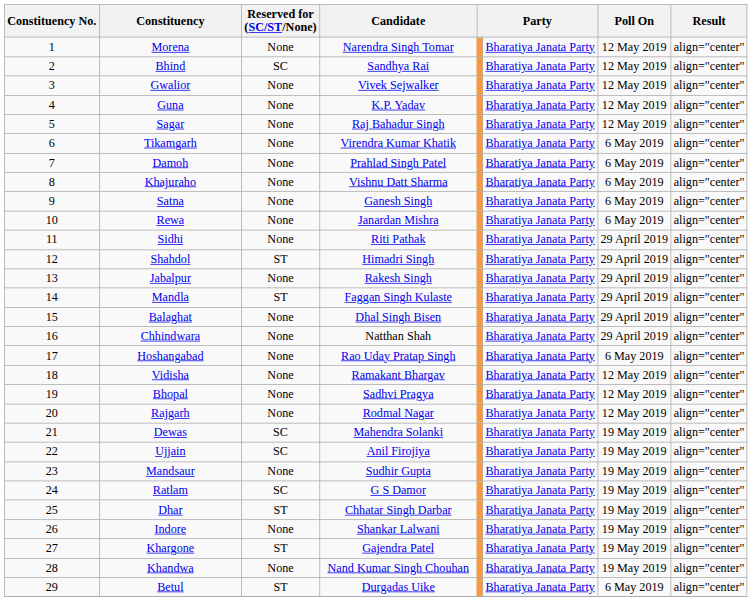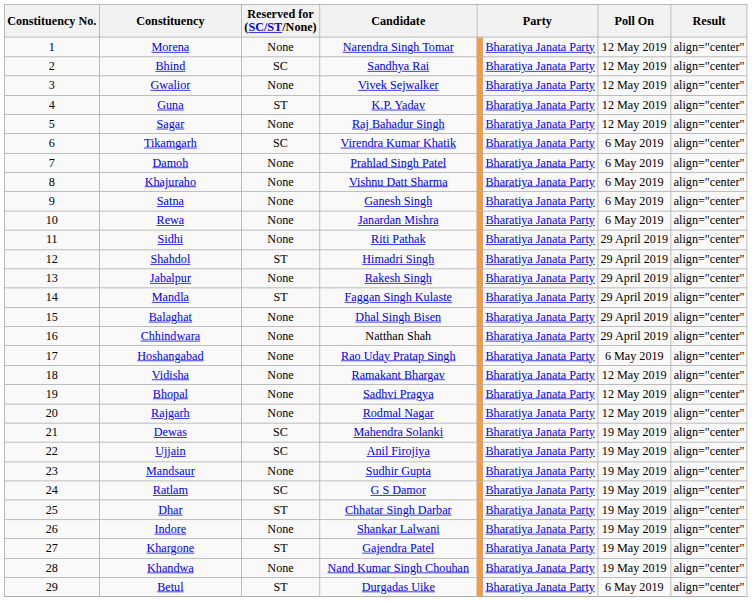 <table class="wikitable sortable" style="text-align:center;">
 <tr>
 <th>Constituency No.</th>
 <th style="width:180px;">Constituency</th>
 <th>Reserved for<br>(<a href='#'>SC/ST</a>/None)</th>
 <th style="width:200px;">Candidate</th>
 <th colspan="2">Party</th>
 <th>Poll On</th>
 <th>Result</th>
 </tr>
 <tr>
 <td align="center">1</td>
 <td><a href='#'>Morena</a></td>
 <td align="center">None</td>
 <td><a href='#'>Narendra Singh Tomar</a></td>
 <td bgcolor=#FF9933></td>
 <td><a href='#'>Bharatiya Janata Party</a></td>
 <td align="center">12 May 2019</td>
 <td>align="center" </td>
 </tr>
 <tr>
 <td align="center">2</td>
 <td><a href='#'>Bhind</a></td>
 <td align="center">SC</td>
 <td><a href='#'>Sandhya Rai</a></td>
 <td bgcolor=#FF9933></td>
 <td><a href='#'>Bharatiya Janata Party</a></td>
 <td align="center">12 May 2019</td>
 <td>align="center" </td>
 </tr>
 <tr>
 <td align="center">3</td>
 <td><a href='#'>Gwalior</a></td>
 <td align="center">None</td>
 <td><a href='#'>Vivek Sejwalker</a></td>
 <td bgcolor=#FF9933></td>
 <td><a href='#'>Bharatiya Janata Party</a></td>
 <td align="center">12 May 2019</td>
 <td>align="center" </td>
 </tr>
 <tr>
 <td align="center">4</td>
 <td><a href='#'>Guna</a></td>
-<td align="center">None</td>
+<td align="center">ST</td>
 <td><a href='#'>K.P. Yadav</a></td>
 <td bgcolor="#FF9933"></td>
 <td><a href='#'>Bharatiya Janata Party</a></td>
 <td align="center">12 May 2019</td>
 <td>align="center" </td>
 </tr>
 <tr>
 <td align="center">5</td>
 <td><a href='#'>Sagar</a></td>
 <td align="center">None</td>
 <td><a href='#'>Raj Bahadur Singh</a></td>
 <td bgcolor="#FF9933"></td>
 <td><a href='#'>Bharatiya Janata Party</a></td>
 <td align="center">12 May 2019</td>
 <td>align="center" </td>
 </tr>
 <tr>
 <td align="center">6</td>
 <td><a href='#'>Tikamgarh</a></td>
-<td align="center">None</td>
+<td align="center">SC</td>
 <td><a href='#'>Virendra Kumar Khatik</a></td>
 <td bgcolor=#FF9933></td>
 <td><a href='#'>Bharatiya Janata Party</a></td>
 <td align="center">6 May 2019</td>
 <td>align="center" </td>
 </tr>
 <tr>
 <td align="center">7</td>
 <td><a href='#'>Damoh</a></td>
 <td align="center">None</td>
 <td><a href='#'>Prahlad Singh Patel</a></td>
 <td bgcolor=#FF9933></td>
 <td><a href='#'>Bharatiya Janata Party</a></td>
 <td align="center">6 May 2019</td>
 <td>align="center" </td>
 </tr>
 <tr>
 <td align="center">8</td>
 <td><a href='#'>Khajuraho</a></td>
 <td align="center">None</td>
 <td><a href='#'>Vishnu Datt Sharma</a></td>
 <td bgcolor="#FF9933"></td>
 <td><a href='#'>Bharatiya Janata Party</a></td>
 <td align="center">6 May 2019</td>
 <td>align="center" </td>
 </tr>
 <tr>
 <td align="center">9</td>
 <td><a href='#'>Satna</a></td>
 <td align="center">None</td>
 <td><a href='#'>Ganesh Singh</a></td>
 <td bgcolor=#FF9933></td>
 <td><a href='#'>Bharatiya Janata Party</a></td>
 <td align="center">6 May 2019</td>
 <td>align="center" </td>
 </tr>
 <tr>
 <td align="center">10</td>
 <td><a href='#'>Rewa</a></td>
 <td align="center">None</td>
 <td><a href='#'>Janardan Mishra</a></td>
 <td bgcolor=#FF9933></td>
 <td><a href='#'>Bharatiya Janata Party</a></td>
 <td align="center">6 May 2019</td>
 <td>align="center" </td>
 </tr>
 <tr>
 <td align="center">11</td>
 <td><a href='#'>Sidhi</a></td>
 <td align="center">None</td>
 <td><a href='#'>Riti Pathak</a></td>
 <td bgcolor=#FF9933></td>
 <td><a href='#'>Bharatiya Janata Party</a></td>
 <td align="center">29 April 2019</td>
 <td>align="center" </td>
 </tr>
 <tr>
 <td align="center">12</td>
 <td><a href='#'>Shahdol</a></td>
 <td align="center">ST</td>
 <td><a href='#'>Himadri Singh</a></td>
 <td bgcolor=#FF9933></td>
 <td><a href='#'>Bharatiya Janata Party</a></td>
 <td align="center">29 April 2019</td>
 <td>align="center" </td>
 </tr>
 <tr>
 <td align="center">13</td>
 <td><a href='#'>Jabalpur</a></td>
 <td align="center">None</td>
 <td><a href='#'>Rakesh Singh</a></td>
 <td bgcolor=#FF9933></td>
 <td><a href='#'>Bharatiya Janata Party</a></td>
 <td align="center">29 April 2019</td>
 <td>align="center" </td>
 </tr>
 <tr>
 <td align="center">14</td>
 <td><a href='#'>Mandla</a></td>
 <td align="center">ST</td>
 <td><a href='#'>Faggan Singh Kulaste</a></td>
 <td bgcolor=#FF9933></td>
 <td><a href='#'>Bharatiya Janata Party</a></td>
 <td align="center">29 April 2019</td>
 <td>align="center" </td>
 </tr>
 <tr>
 <td align="center">15</td>
 <td><a href='#'>Balaghat</a></td>
 <td align="center">None</td>
 <td><a href='#'>Dhal Singh Bisen</a></td>
 <td bgcolor="#FF9933"></td>
 <td><a href='#'>Bharatiya Janata Party</a></td>
 <td align="center">29 April 2019</td>
 <td>align="center" </td>
 </tr>
 <tr>
 <td align="center">16</td>
 <td><a href='#'>Chhindwara</a></td>
 <td align="center">None</td>
 <td>Natthan Shah</td>
 <td bgcolor=#FF9933></td>
 <td><a href='#'>Bharatiya Janata Party</a></td>
 <td align="center">29 April 2019</td>
 <td>align="center" </td>
 </tr>
 <tr>
 <td align="center">17</td>
 <td><a href='#'>Hoshangabad</a></td>
 <td align="center">None</td>
 <td><a href='#'>Rao Uday Pratap Singh</a></td>
 <td bgcolor=#FF9933></td>
 <td><a href='#'>Bharatiya Janata Party</a></td>
 <td align="center">6 May 2019</td>
 <td>align="center" </td>
 </tr>
 <tr>
 <td align="center">18</td>
 <td><a href='#'>Vidisha</a></td>
 <td align="center">None</td>
 <td><a href='#'>Ramakant Bhargav</a></td>
 <td bgcolor="#FF9933"></td>
 <td><a href='#'>Bharatiya Janata Party</a></td>
 <td align="center">12 May 2019</td>
 <td>align="center" </td>
 </tr>
 <tr>
 <td align="center">19</td>
 <td><a href='#'>Bhopal</a></td>
 <td align="center">None</td>
 <td><a href='#'>Sadhvi Pragya</a></td>
 <td bgcolor="#FF9933"></td>
 <td><a href='#'>Bharatiya Janata Party</a></td>
 <td align="center">12 May 2019</td>
 <td>align="center" </td>
 </tr>
 <tr>
 <td align="center">20</td>
 <td><a href='#'>Rajgarh</a></td>
 <td align="center">None</td>
 <td><a href='#'>Rodmal Nagar</a></td>
 <td bgcolor="#FF9933"></td>
 <td><a href='#'>Bharatiya Janata Party</a></td>
 <td align="center">12 May 2019</td>
 <td>align="center" </td>
 </tr>
 <tr>
 <td align="center">21</td>
 <td><a href='#'>Dewas</a></td>
 <td align="center">SC</td>
 <td><a href='#'>Mahendra Solanki</a></td>
 <td bgcolor=#FF9933></td>
 <td><a href='#'>Bharatiya Janata Party</a></td>
 <td align="center">19 May 2019</td>
 <td>align="center" </td>
 </tr>
 <tr>
 <td align="center">22</td>
 <td><a href='#'>Ujjain</a></td>
 <td align="center">SC</td>
 <td><a href='#'>Anil Firojiya</a></td>
 <td bgcolor=#FF9933></td>
 <td><a href='#'>Bharatiya Janata Party</a></td>
 <td align="center">19 May 2019</td>
 <td>align="center" </td>
 </tr>
 <tr>
 <td align="center">23</td>
 <td><a href='#'>Mandsaur</a></td>
 <td align="center">None</td>
 <td><a href='#'>Sudhir Gupta</a></td>
 <td bgcolor=#FF9933></td>
 <td><a href='#'>Bharatiya Janata Party</a></td>
 <td align="center">19 May 2019</td>
 <td>align="center" </td>
 </tr>
 <tr>
 <td align="center">24</td>
 <td><a href='#'>Ratlam</a></td>
 <td align="center">SC</td>
 <td><a href='#'>G S Damor</a></td>
 <td bgcolor="#FF9933"></td>
 <td><a href='#'>Bharatiya Janata Party</a></td>
 <td align="center">19 May 2019</td>
 <td>align="center" </td>
 </tr>
 <tr>
 <td align="center">25</td>
 <td><a href='#'>Dhar</a></td>
 <td align="center">ST</td>
 <td><a href='#'>Chhatar Singh Darbar</a></td>
 <td bgcolor="#FF9933"></td>
 <td><a href='#'>Bharatiya Janata Party</a></td>
 <td align="center">19 May 2019</td>
 <td>align="center" </td>
 </tr>
 <tr>
 <td align="center">26</td>
 <td><a href='#'>Indore</a></td>
 <td align="center">None</td>
 <td><a href='#'>Shankar Lalwani</a></td>
 <td bgcolor="#FF9933"></td>
 <td><a href='#'>Bharatiya Janata Party</a></td>
 <td align="center">19 May 2019</td>
 <td>align="center" </td>
 </tr>
 <tr>
 <td align="center">27</td>
 <td><a href='#'>Khargone</a></td>
 <td align="center">ST</td>
 <td><a href='#'>Gajendra Patel</a></td>
 <td bgcolor="#FF9933"></td>
 <td><a href='#'>Bharatiya Janata Party</a></td>
 <td align="center">19 May 2019</td>
 <td>align="center" </td>
 </tr>
 <tr>
 <td align="center">28</td>
 <td><a href='#'>Khandwa</a></td>
 <td align="center">None</td>
 <td><a href='#'>Nand Kumar Singh Chouhan</a></td>
 <td bgcolor=#FF9933></td>
 <td><a href='#'>Bharatiya Janata Party</a></td>
 <td align="center">19 May 2019</td>
 <td>align="center" </td>
 </tr>
 <tr>
 <td align="center">29</td>
 <td><a href='#'>Betul</a></td>
 <td align="center">ST</td>
 <td><a href='#'>Durgadas Uike</a></td>
 <td bgcolor=#FF9933></td>
 <td><a href='#'>Bharatiya Janata Party</a></td>
 <td align="center">6 May 2019</td>
 <td>align="center" </td>
 </tr>
 <tr>
 </tr>
 </table>
